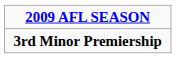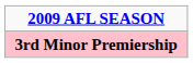 <table class="wikitable"  style="width:180px; text-align:center; float:left; margin-right:1em">
 <tr>
 <td><strong><a href='#'>2009 AFL SEASON</a></strong></td>
 </tr>
 <tr>
-<td><strong>3rd Minor Premiership</strong></td>
+<td style="background: pink;"><strong>3rd Minor Premiership</strong></td>
 </tr>
 </table>
